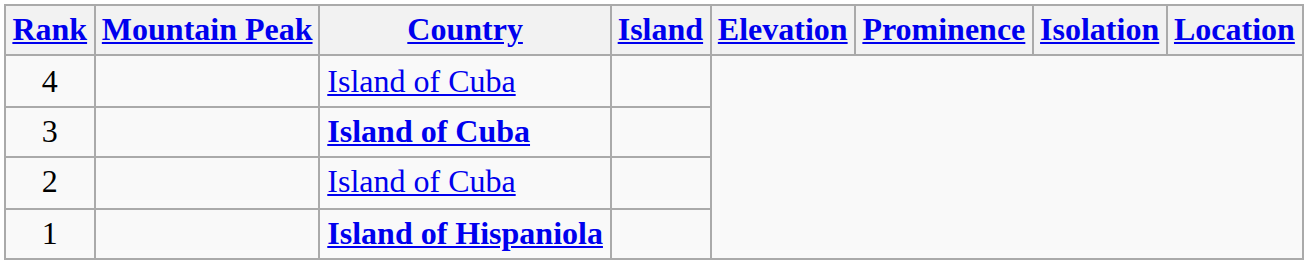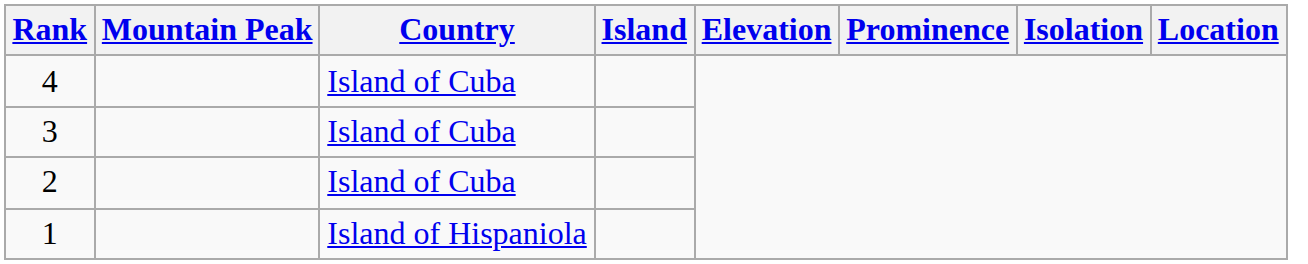 <table class="wikitable sortable">
 <tr>
 <th><a href='#'>Rank</a></th>
 <th><a href='#'>Mountain Peak</a></th>
 <th><a href='#'>Country</a></th>
 <th><a href='#'>Island</a></th>
 <th><a href='#'>Elevation</a></th>
 <th><a href='#'>Prominence</a></th>
 <th><a href='#'>Isolation</a></th>
 <th><a href='#'>Location</a></th>
 </tr>
 <tr>
 <td align=center>4<br></td>
 <td></td>
 <td><a href='#'>Island of Cuba</a><br></td>
 <td></td>
 </tr>
 <tr>
 <td align=center>3<br></td>
 <td></td>
-<td><strong><a href='#'>Island of Cuba</a><br></strong></td>
+<td><a href='#'>Island of Cuba</a><br></td>
 <td></td>
 </tr>
 <tr>
 <td align=center>2<br></td>
 <td></td>
 <td><a href='#'>Island of Cuba</a><br></td>
 <td></td>
 </tr>
 <tr>
 <td align=center>1<br></td>
 <td></td>
-<td><strong><a href='#'>Island of Hispaniola</a><br></strong></td>
+<td><a href='#'>Island of Hispaniola</a><br></td>
 <td></td>
 </tr>
 </table>
